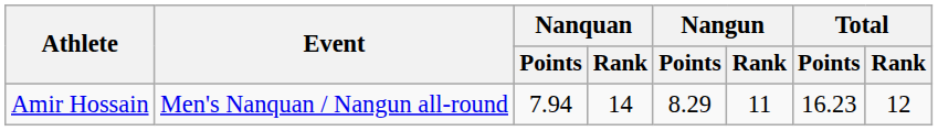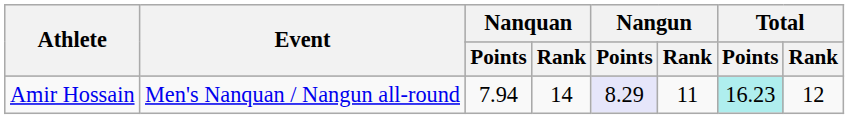 <table class="wikitable" style="font-size:90%;">
 <tr>
 <th rowspan=2>Athlete</th>
 <th rowspan=2>Event</th>
 <th colspan=2>Nanquan</th>
 <th colspan=2>Nangun</th>
 <th colspan=2>Total</th>
 </tr>
 <tr style="font-size:95%">
 <th>Points</th>
 <th>Rank</th>
 <th>Points</th>
 <th>Rank</th>
 <th>Points</th>
 <th>Rank</th>
 </tr>
 <tr align=center>
 <td align=left><a href='#'>Amir Hossain</a></td>
 <td align=left rowspan=3><a href='#'>Men's Nanquan / Nangun all-round</a></td>
 <td>7.94</td>
 <td>14</td>
-<td>8.29</td>
+<td style="background: lavender;">8.29</td>
 <td>11</td>
-<td>16.23</td>
+<td style="background: paleturquoise;">16.23</td>
 <td>12</td>
 </tr>
 </table>
